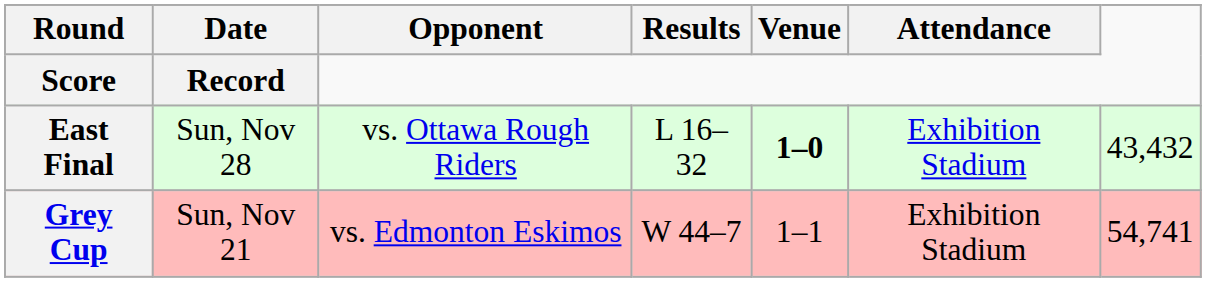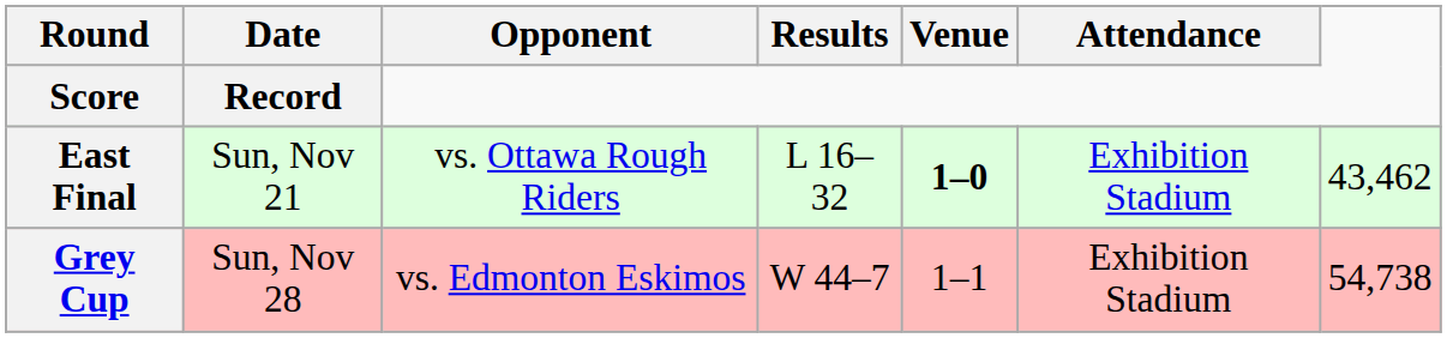 <table class="wikitable" style="text-align:center">
 <tr>
 <th>Round</th>
 <th>Date</th>
 <th>Opponent</th>
 <th>Results</th>
 <th>Venue</th>
 <th>Attendance</th>
 </tr>
 <tr>
 <th>Score</th>
 <th>Record</th>
 </tr>
 <tr style="background:#ddffdd">
 <th>East Final</th>
-<td>Sun, Nov 28</td>
+<td>Sun, Nov 21</td>
 <td>vs. <a href='#'>Ottawa Rough Riders</a></td>
 <td>L 16–32</td>
 <td><strong>1–0</strong></td>
 <td><a href='#'>Exhibition Stadium</a></td>
-<td>43,432</td>
+<td>43,462</td>
 </tr>
 <tr style="background:#ffbbbb">
 <th><a href='#'>Grey Cup</a></th>
-<td>Sun, Nov 21</td>
+<td>Sun, Nov 28</td>
 <td>vs. <a href='#'>Edmonton Eskimos</a></td>
 <td>W 44–7</td>
 <td>1–1</td>
 <td>Exhibition Stadium</td>
-<td>54,741</td>
+<td>54,738</td>
 </tr>
 </table>
